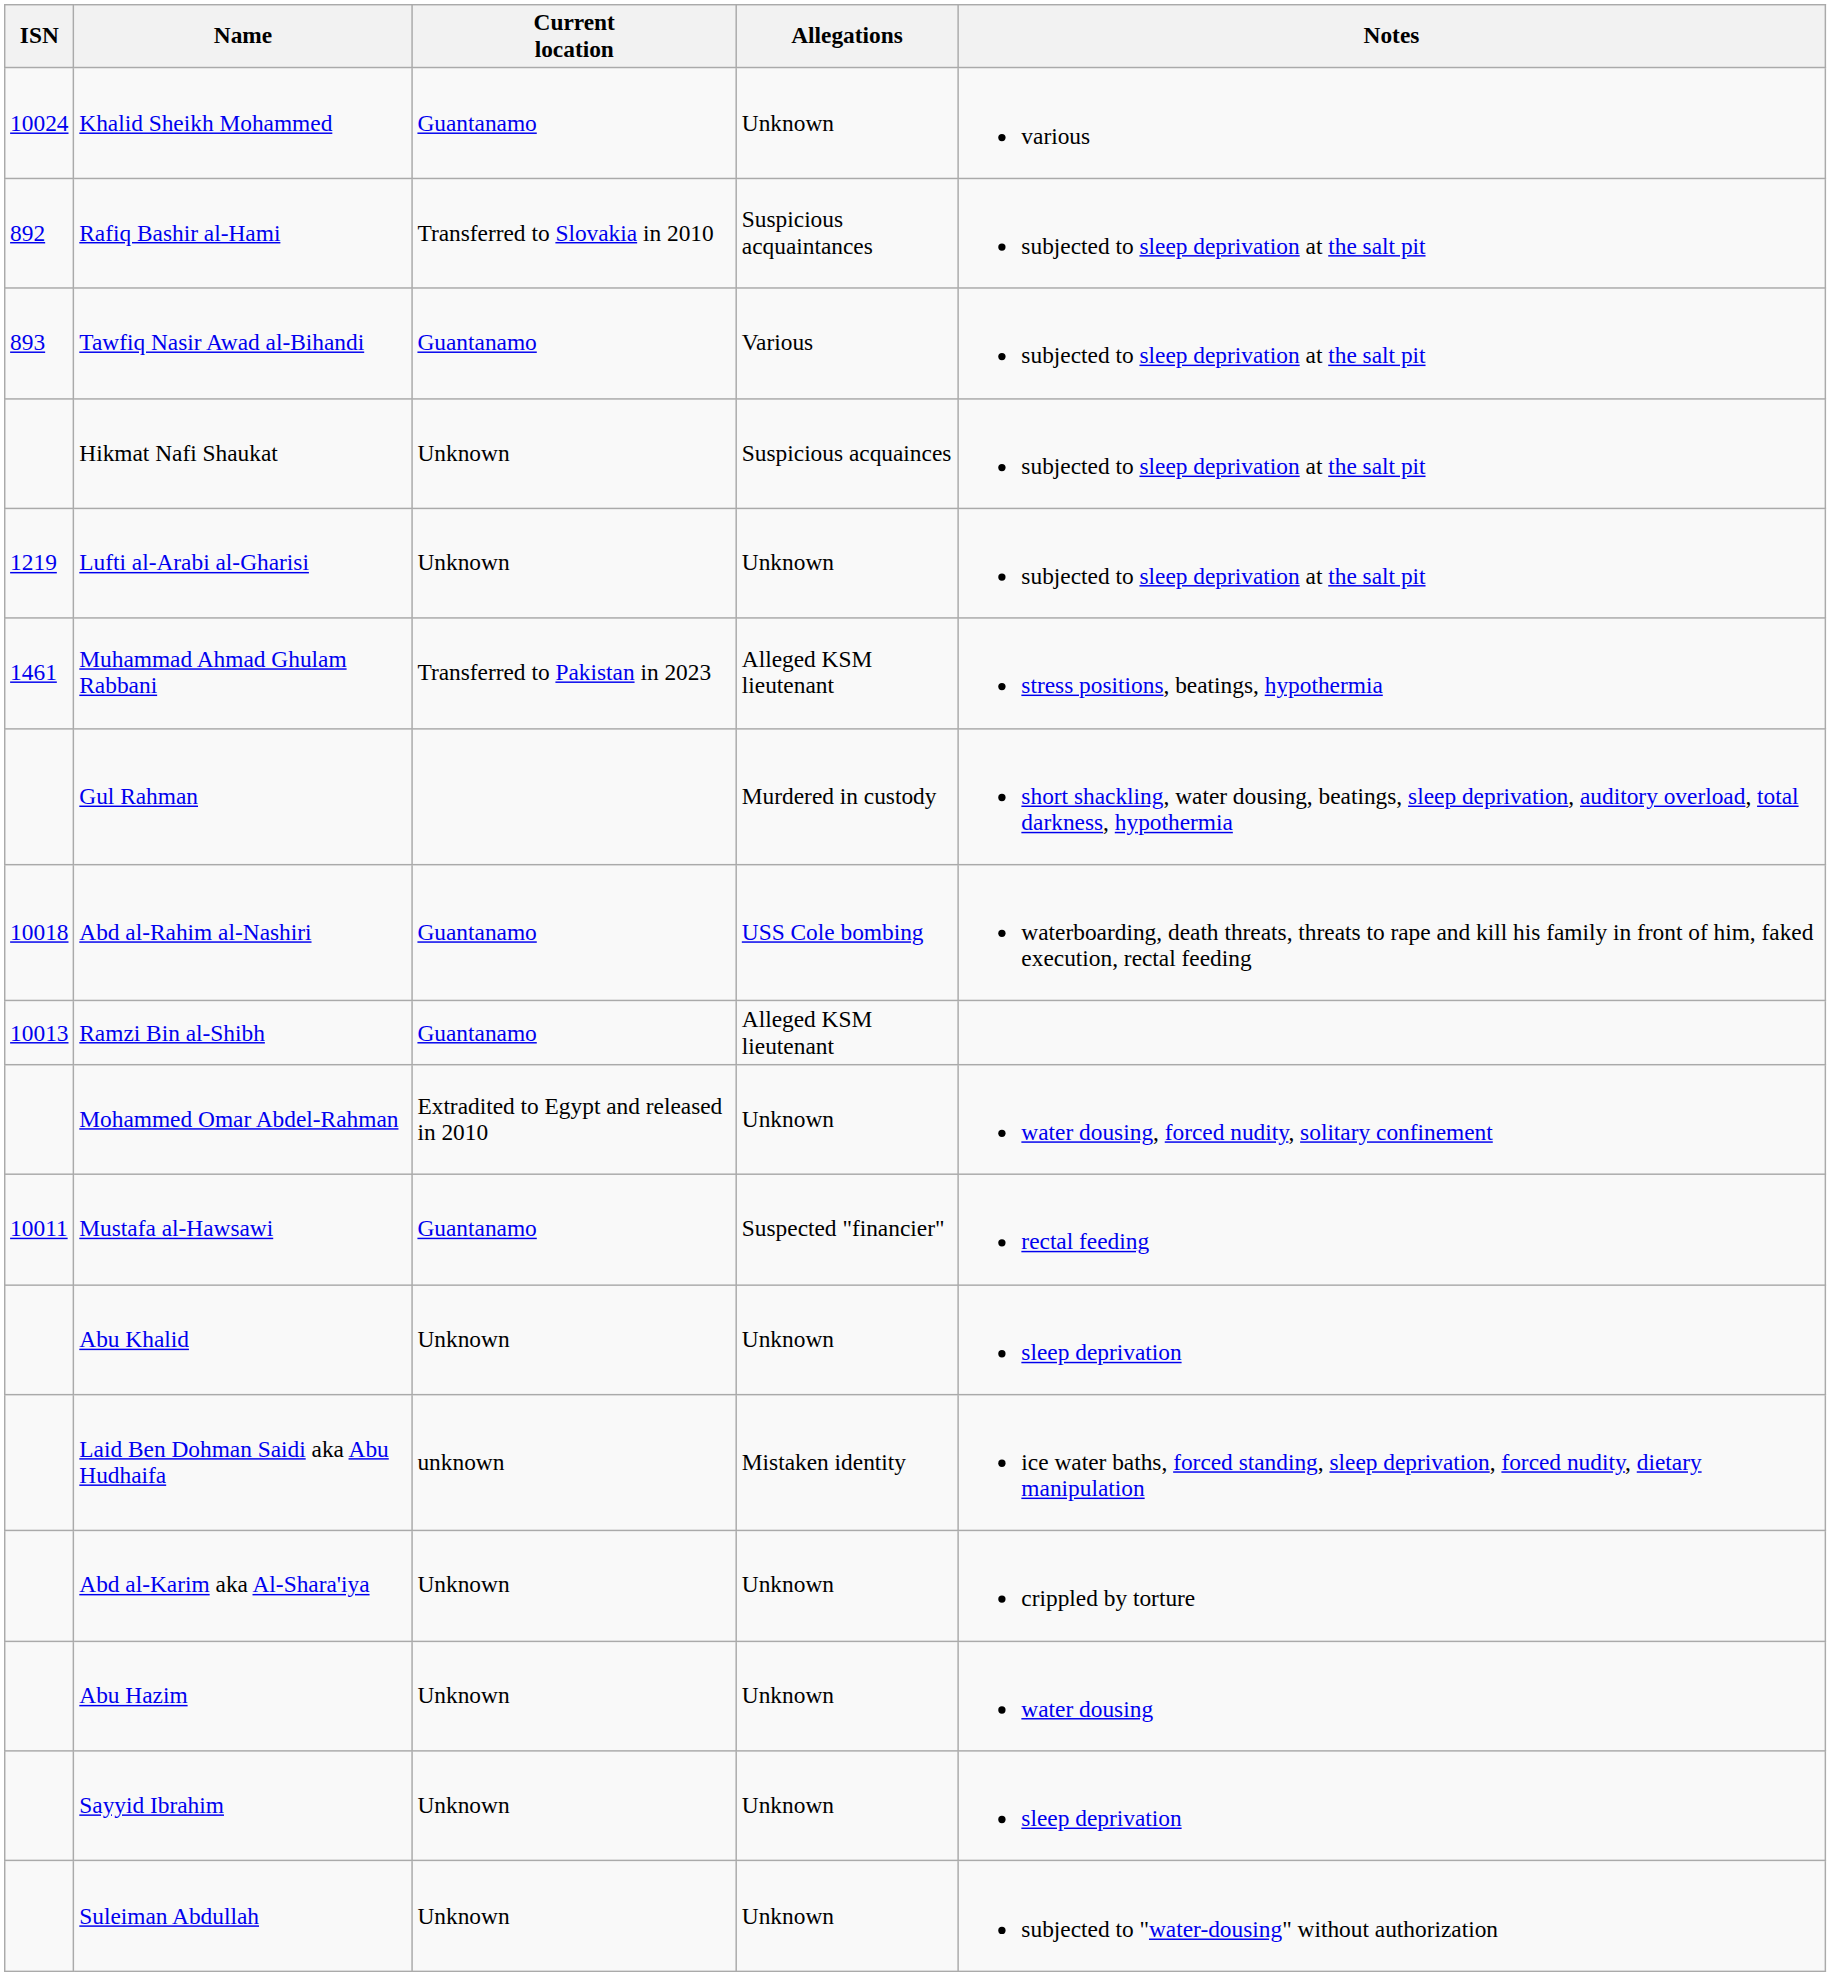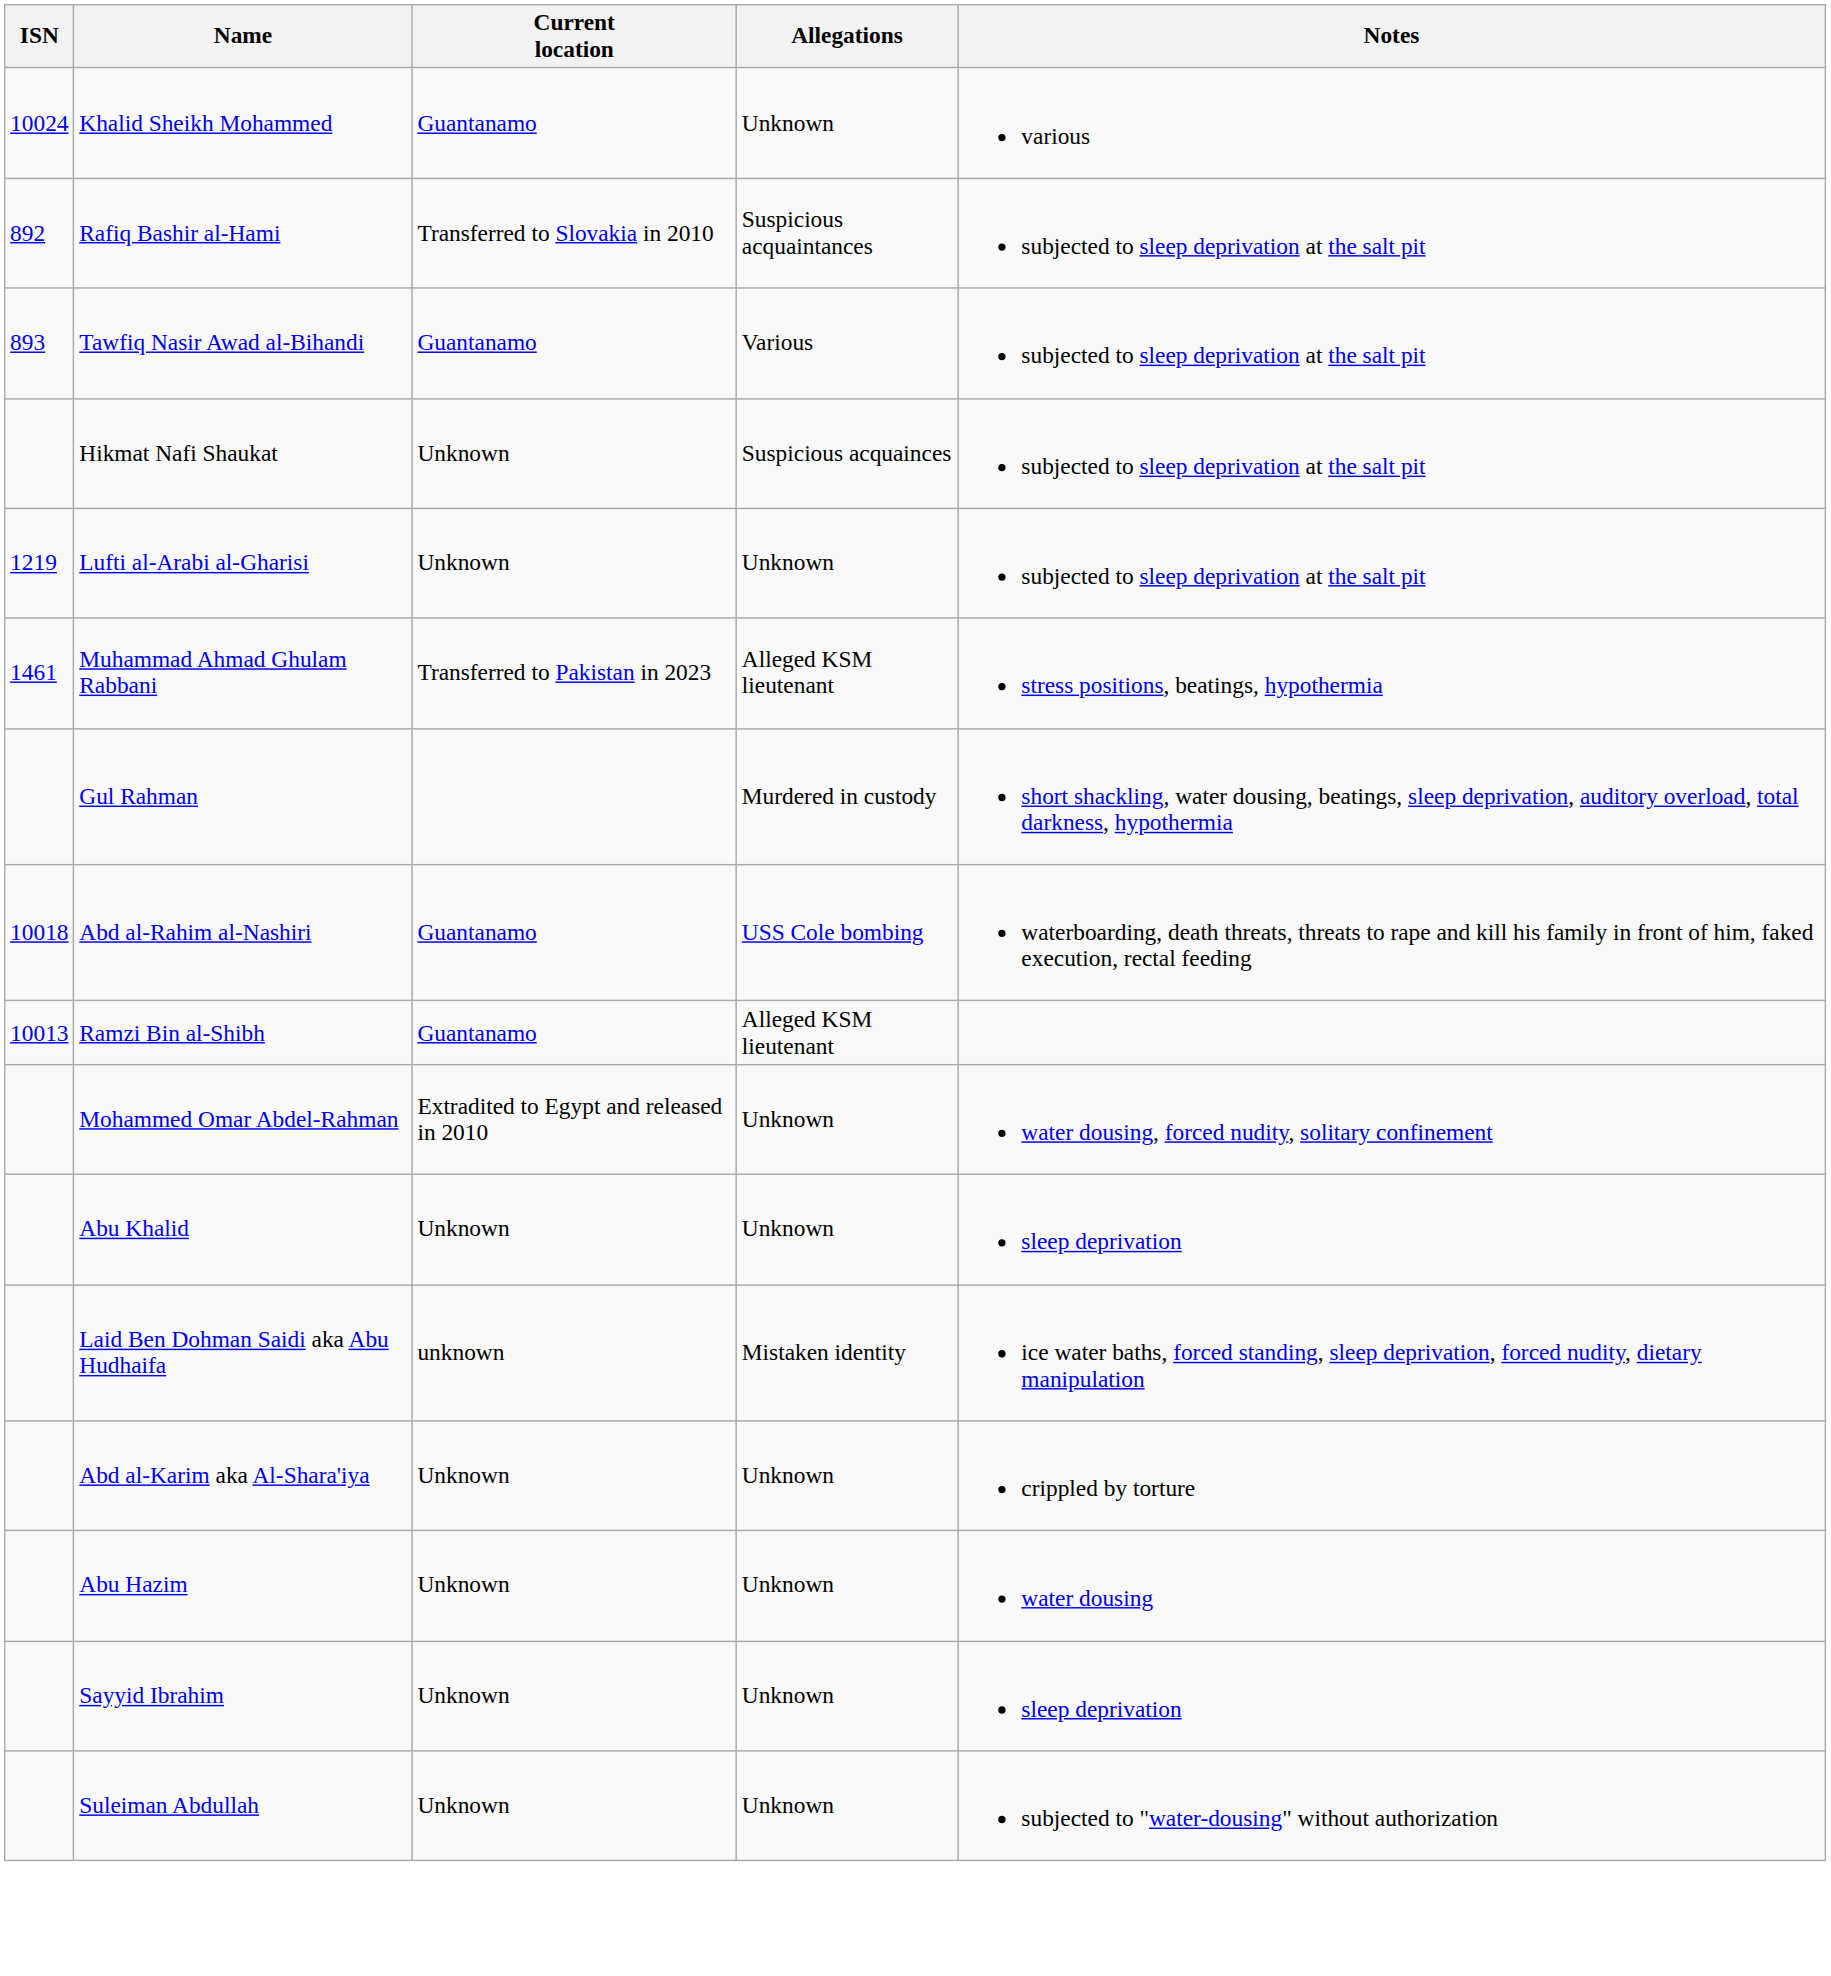 <table class="wikitable" >
 <tr>
 <th>ISN</th>
 <th>Name</th>
 <th>Current<br>location</th>
 <th>Allegations</th>
 <th>Notes</th>
 </tr>
 <tr>
 <td><a href='#'>10024</a></td>
 <td><a href='#'>Khalid Sheikh Mohammed</a></td>
 <td><a href='#'>Guantanamo</a></td>
 <td>Unknown</td>
 <td><br><ul><li>various</li></ul></td>
 </tr>
 <tr>
 <td><a href='#'>892</a></td>
 <td><a href='#'>Rafiq Bashir al-Hami</a></td>
 <td>Transferred to <a href='#'>Slovakia</a> in 2010</td>
 <td>Suspicious acquaintances</td>
 <td><br><ul><li>subjected to <a href='#'>sleep deprivation</a> at <a href='#'>the salt pit</a></li></ul></td>
 </tr>
 <tr>
 <td><a href='#'>893</a></td>
 <td><a href='#'>Tawfiq Nasir Awad al-Bihandi</a></td>
 <td><a href='#'>Guantanamo</a></td>
 <td>Various</td>
 <td><br><ul><li>subjected to <a href='#'>sleep deprivation</a> at <a href='#'>the salt pit</a></li></ul></td>
 </tr>
 <tr>
 <td></td>
 <td>Hikmat Nafi Shaukat</td>
 <td>Unknown</td>
 <td>Suspicious acquainces</td>
 <td><br><ul><li>subjected to <a href='#'>sleep deprivation</a> at <a href='#'>the salt pit</a></li></ul></td>
 </tr>
 <tr>
 <td><a href='#'>1219</a></td>
 <td><a href='#'>Lufti al-Arabi al-Gharisi</a></td>
 <td>Unknown</td>
 <td>Unknown</td>
 <td><br><ul><li>subjected to <a href='#'>sleep deprivation</a> at <a href='#'>the salt pit</a></li></ul></td>
 </tr>
 <tr>
 <td><a href='#'>1461</a></td>
 <td><a href='#'>Muhammad Ahmad Ghulam Rabbani</a></td>
 <td>Transferred to <a href='#'>Pakistan</a> in 2023</td>
 <td>Alleged KSM lieutenant</td>
 <td><br><ul><li><a href='#'>stress positions</a>, beatings, <a href='#'>hypothermia</a></li></ul></td>
 </tr>
 <tr>
 <td></td>
 <td><a href='#'>Gul Rahman</a></td>
 <td></td>
 <td>Murdered in custody</td>
 <td><br><ul><li><a href='#'>short shackling</a>, water dousing, beatings, <a href='#'>sleep deprivation</a>, <a href='#'>auditory overload</a>, <a href='#'>total darkness</a>, <a href='#'>hypothermia</a></li></ul></td>
 </tr>
 <tr>
 <td><a href='#'>10018</a></td>
 <td><a href='#'>Abd al-Rahim al-Nashiri</a></td>
 <td><a href='#'>Guantanamo</a></td>
 <td><a href='#'>USS Cole bombing</a></td>
 <td><br><ul><li>waterboarding, death threats, threats to rape and kill his family in front of him, faked execution, rectal feeding</li></ul></td>
 </tr>
 <tr>
 <td><a href='#'>10013</a></td>
 <td><a href='#'>Ramzi Bin al-Shibh</a></td>
 <td><a href='#'>Guantanamo</a></td>
 <td>Alleged KSM lieutenant</td>
 <td><br></td>
 </tr>
 <tr>
 <td></td>
 <td><a href='#'>Mohammed Omar Abdel-Rahman</a></td>
 <td>Extradited to Egypt and released in 2010</td>
 <td>Unknown</td>
 <td><br><ul><li><a href='#'>water dousing</a>, <a href='#'>forced nudity</a>, <a href='#'>solitary confinement</a></li></ul></td>
 </tr>
 <tr>
-<td><a href='#'>10011</a></td>
-<td><a href='#'>Mustafa al-Hawsawi</a></td>
-<td><a href='#'>Guantanamo</a></td>
-<td>Suspected "financier"</td>
-<td><br><ul><li><a href='#'>rectal feeding</a></li></ul></td>
-</tr>
-<tr>
 <td></td>
 <td><a href='#'>Abu Khalid</a></td>
 <td>Unknown</td>
 <td>Unknown</td>
 <td><br><ul><li><a href='#'>sleep deprivation</a></li></ul></td>
 </tr>
 <tr>
 <td></td>
 <td><a href='#'>Laid Ben Dohman Saidi</a> aka <a href='#'>Abu Hudhaifa</a></td>
 <td>unknown</td>
 <td>Mistaken identity</td>
 <td><br><ul><li>ice water baths, <a href='#'>forced standing</a>, <a href='#'>sleep deprivation</a>, <a href='#'>forced nudity</a>, <a href='#'>dietary manipulation</a></li></ul></td>
 </tr>
 <tr>
 <td></td>
 <td><a href='#'>Abd al-Karim</a> aka <a href='#'>Al-Shara'iya</a></td>
 <td>Unknown</td>
 <td>Unknown</td>
 <td><br><ul><li>crippled by torture</li></ul></td>
 </tr>
 <tr>
 <td></td>
 <td><a href='#'>Abu Hazim</a></td>
 <td>Unknown</td>
 <td>Unknown</td>
 <td><br><ul><li><a href='#'>water dousing</a></li></ul></td>
 </tr>
 <tr>
 <td></td>
 <td><a href='#'>Sayyid Ibrahim</a></td>
 <td>Unknown</td>
 <td>Unknown</td>
 <td><br><ul><li><a href='#'>sleep deprivation</a></li></ul> </td>
 </tr>
 <tr>
 <td></td>
 <td><a href='#'>Suleiman Abdullah</a></td>
 <td>Unknown</td>
 <td>Unknown</td>
 <td><br><ul><li>subjected to "<a href='#'>water-dousing</a>" without authorization</li></ul></td>
 </tr>
 </table>
